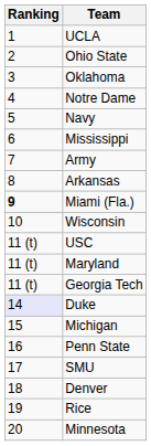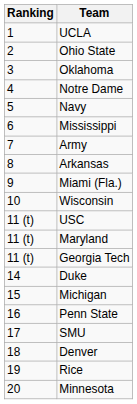 <table class="wikitable">
 <tr>
 <th>Ranking</th>
 <th>Team</th>
 </tr>
 <tr>
 <td>1</td>
 <td>UCLA</td>
 </tr>
 <tr>
 <td>2</td>
 <td>Ohio State</td>
 </tr>
 <tr>
 <td>3</td>
 <td>Oklahoma</td>
 </tr>
 <tr>
 <td>4</td>
 <td>Notre Dame</td>
 </tr>
 <tr>
 <td>5</td>
 <td>Navy</td>
 </tr>
 <tr>
 <td>6</td>
 <td>Mississippi</td>
 </tr>
 <tr>
 <td>7</td>
 <td>Army</td>
 </tr>
 <tr>
 <td>8</td>
 <td>Arkansas</td>
 </tr>
 <tr>
-<td><strong>9</strong></td>
+<td>9</td>
 <td>Miami (Fla.)</td>
 </tr>
 <tr>
 <td>10</td>
 <td>Wisconsin</td>
 </tr>
 <tr>
 <td>11 (t)</td>
 <td>USC</td>
 </tr>
 <tr>
 <td>11 (t)</td>
 <td>Maryland</td>
 </tr>
 <tr>
 <td>11 (t)</td>
 <td>Georgia Tech</td>
 </tr>
 <tr>
-<td style="background: lavender;">14</td>
+<td>14</td>
 <td>Duke</td>
 </tr>
 <tr>
 <td>15</td>
 <td>Michigan</td>
 </tr>
 <tr>
 <td>16</td>
 <td>Penn State</td>
 </tr>
 <tr>
 <td>17</td>
 <td>SMU</td>
 </tr>
 <tr>
 <td>18</td>
 <td>Denver</td>
 </tr>
 <tr>
 <td>19</td>
 <td>Rice</td>
 </tr>
 <tr>
 <td>20</td>
 <td>Minnesota</td>
 </tr>
 </table>
